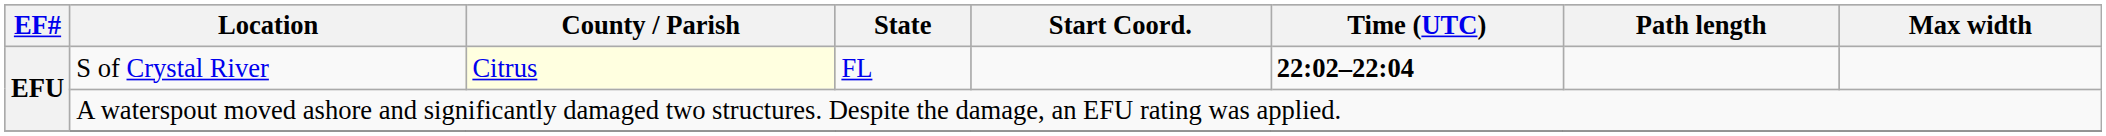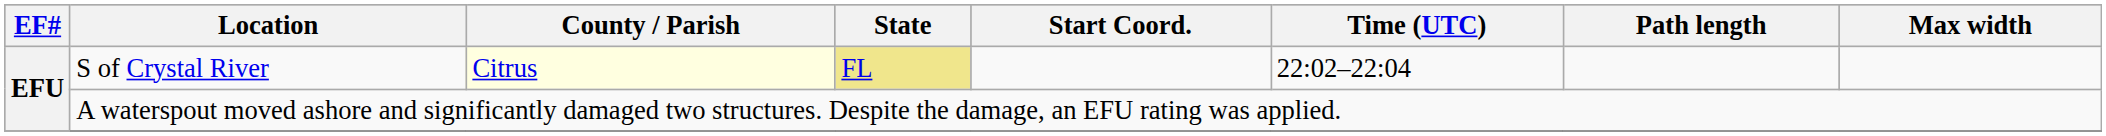 <table class="wikitable sortable" style="width:100%;">
 <tr>
 <th scope="col" width="2%" align="center"><a href='#'>EF#</a></th>
 <th scope="col" align="center" class="unsortable">Location</th>
 <th scope="col" align="center" class="unsortable">County / Parish</th>
 <th scope="col" align="center">State</th>
 <th scope="col" align="center">Start Coord.</th>
 <th scope="col" align="center">Time (<a href='#'>UTC</a>)</th>
 <th scope="col" align="center">Path length</th>
 <th scope="col" align="center">Max width</th>
 </tr>
 <tr>
 <th scope="row" rowspan="2" style="background-color:#">EFU</th>
 <td>S of <a href='#'>Crystal River</a></td>
 <td style="background: lightyellow;"><a href='#'>Citrus</a></td>
-<td><a href='#'>FL</a></td>
+<td style="background: khaki;"><a href='#'>FL</a></td>
 <td></td>
-<td><strong>22:02–22:04</strong></td>
+<td>22:02–22:04</td>
 <td></td>
 <td></td>
 </tr>
 <tr class="expand-child">
 <td colspan="8" style=" border-bottom: 1px solid black;">A waterspout moved ashore and significantly damaged two structures. Despite the damage, an EFU rating was applied.</td>
 </tr>
 <tr>
 </tr>
 </table>
